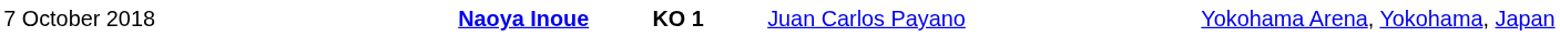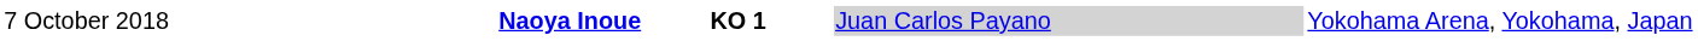 <table cellspacing="1" style="width:100%;">
 <tr>
 <th width="15%"></th>
 <th width="25%"></th>
 <th width="10%"></th>
 <th width="25%"></th>
 </tr>
 <tr style="font-size:100%">
 <td align="right">7 October 2018</td>
 <td align="right"><strong><a href='#'>Naoya Inoue</a></strong> </td>
 <td align="center"><strong>KO 1</strong></td>
-<td> <a href='#'>Juan Carlos Payano</a></td>
+<td style="background: lightgrey;"> <a href='#'>Juan Carlos Payano</a></td>
 <td><a href='#'>Yokohama Arena</a>, <a href='#'>Yokohama</a>, <a href='#'>Japan</a></td>
 </tr>
 </table>
